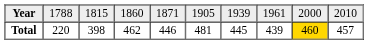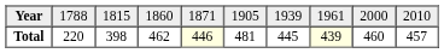 <table border="1" cellpadding="2" cellspacing="0" width="500">
 <tr bgcolor="#eeeeee" align="center">
 <td><strong>Year</strong></td>
 <td>1788</td>
 <td>1815</td>
 <td>1860</td>
 <td>1871</td>
 <td>1905</td>
 <td>1939</td>
 <td>1961</td>
 <td>2000</td>
 <td>2010</td>
 </tr>
 <tr align="center">
 <td><strong>Total</strong></td>
 <td>220</td>
 <td>398</td>
 <td>462</td>
-<td>446</td>
+<td style="background: lightyellow;">446</td>
 <td>481</td>
 <td>445</td>
-<td>439</td>
-<td style="background: gold;">460</td>
+<td style="background: lightyellow;">439</td>
+<td>460</td>
 <td>457</td>
 </tr>
 </table>
